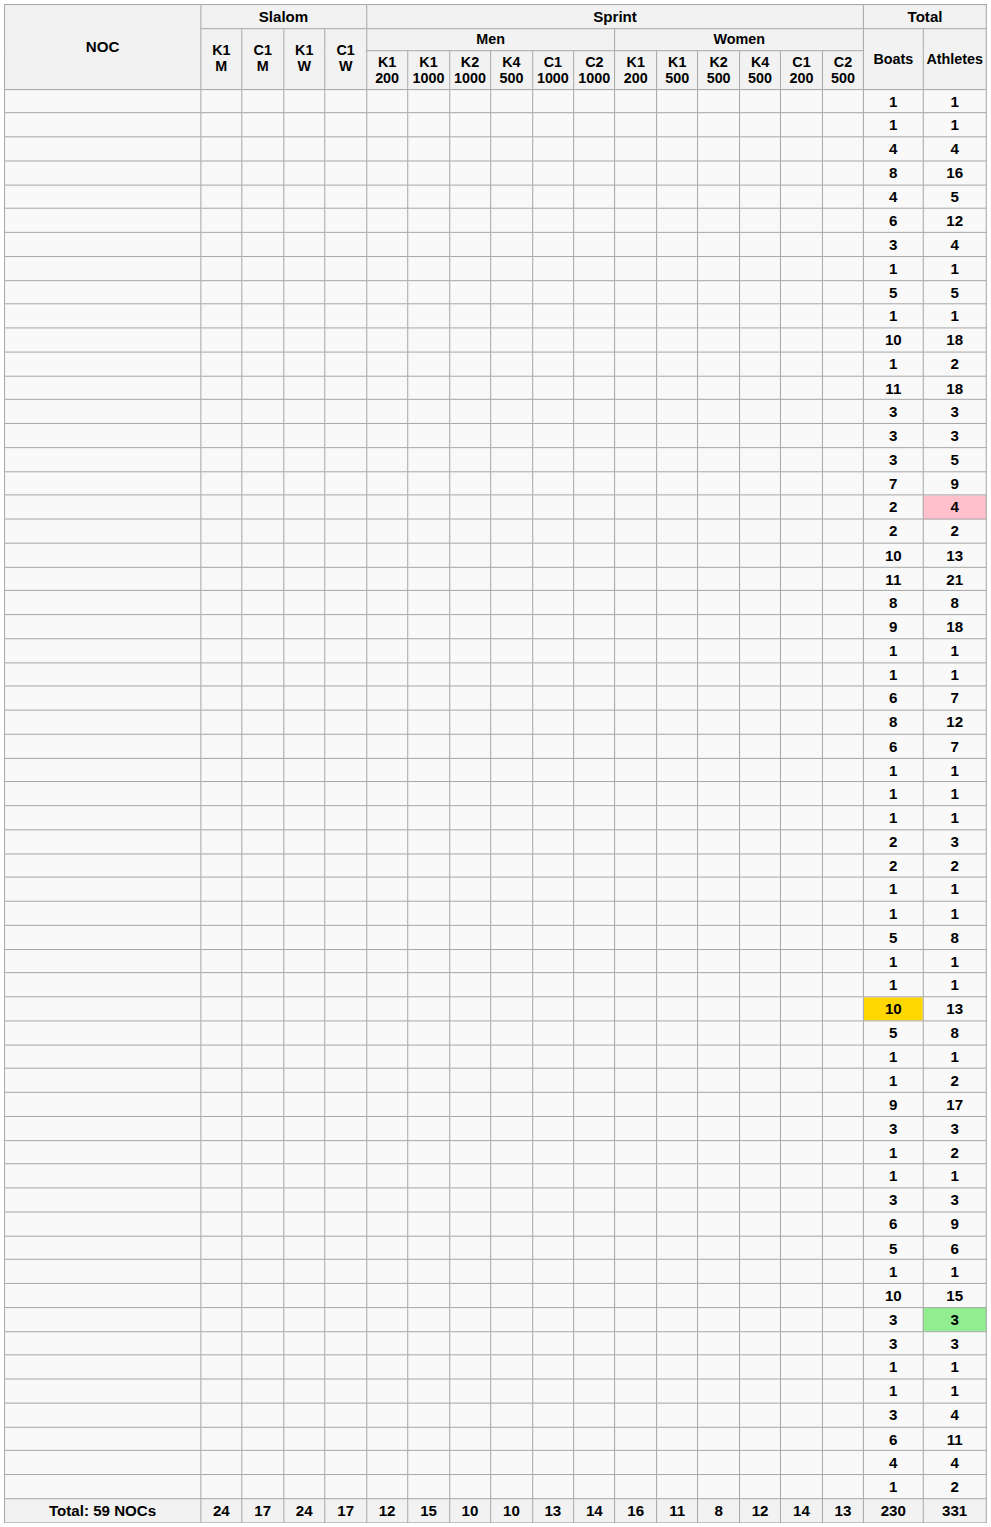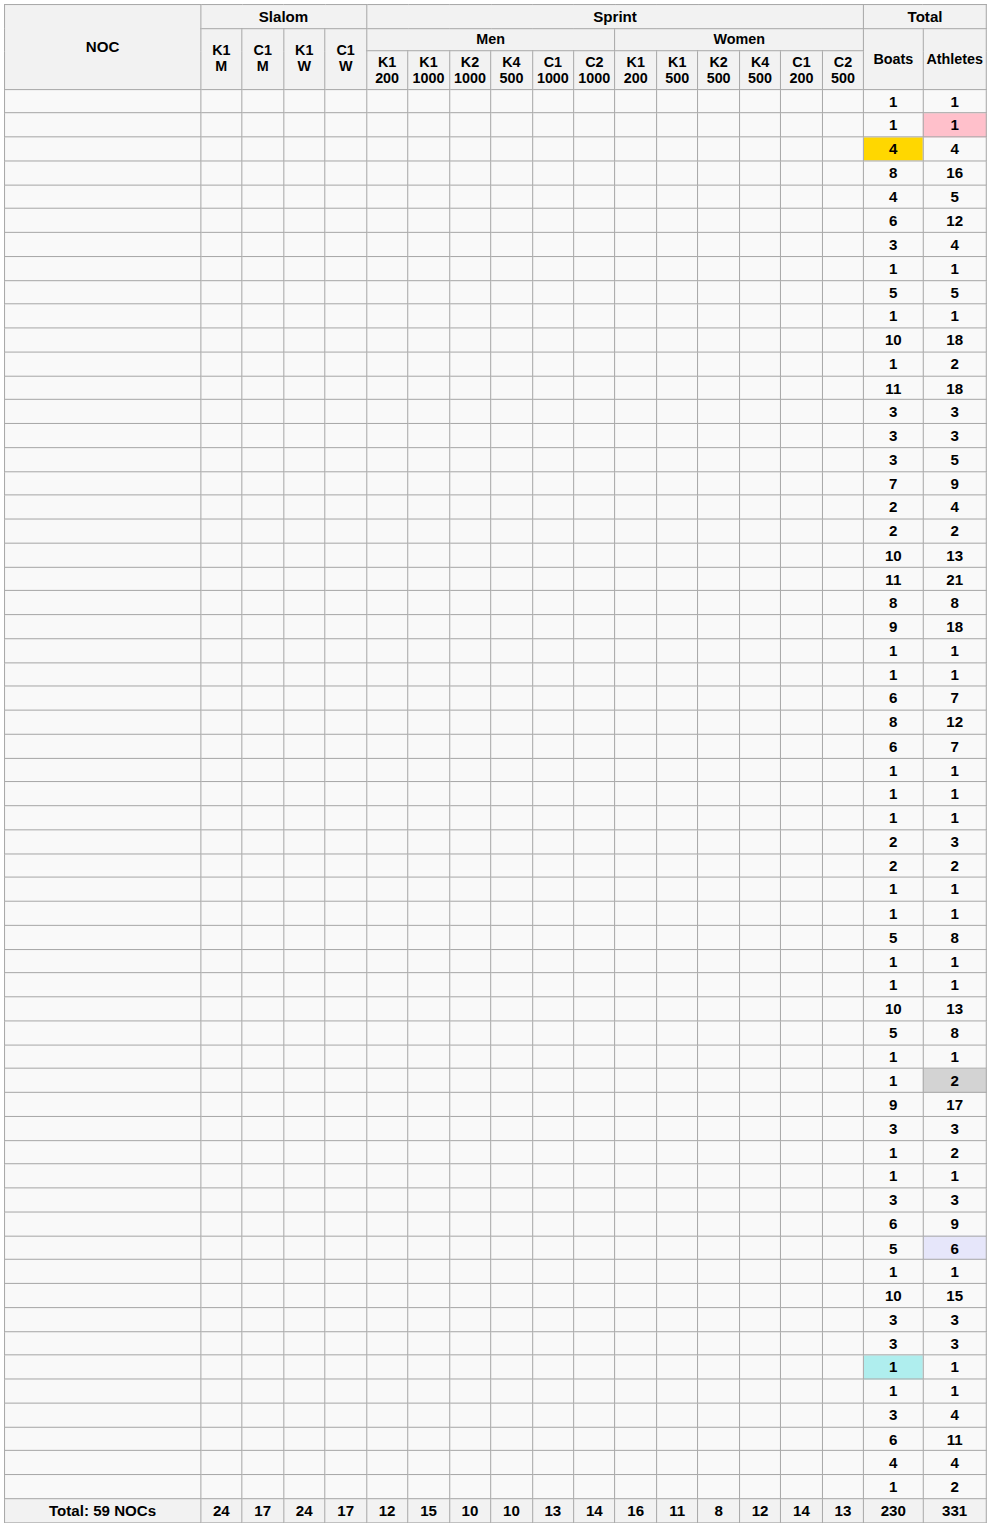 <table class="wikitable sortable" style="text-align:center; font-size:90%">
 <tr>
 <th rowspan="3" align="left" width=180>NOC</th>
 <th colspan="4">Slalom</th>
 <th colspan="12">Sprint</th>
 <th colspan="2">Total</th>
 </tr>
 <tr style="font-size: 95%">
 <th width=33 rowspan="2">K1<br>M</th>
 <th width=33 rowspan="2">C1<br>M</th>
 <th width=33 rowspan="2">K1<br>W</th>
 <th width=33 rowspan="2">C1<br>W</th>
 <th colspan=6>Men</th>
 <th colspan=6>Women</th>
 <th width=50 rowspan="2">Boats</th>
 <th width=50 rowspan="2">Athletes</th>
 </tr>
 <tr style="font-size: 95%">
 <th width=33>K1<br>200</th>
 <th width=33>K1<br>1000</th>
 <th width=33>K2<br>1000</th>
 <th width=33>K4<br>500</th>
 <th width=33>C1<br>1000</th>
 <th width=33>C2<br>1000</th>
 <th width=33>K1<br>200</th>
 <th width=33>K1<br>500</th>
 <th width=33>K2<br>500</th>
 <th width=33>K4<br>500</th>
 <th width=33>C1<br>200</th>
 <th width=33>C2<br>500</th>
 </tr>
 <tr>
 <td style="text-align:left;"></td>
 <td></td>
 <td></td>
 <td></td>
 <td></td>
 <td></td>
 <td></td>
 <td></td>
 <td></td>
 <td></td>
 <td></td>
 <td></td>
 <td></td>
 <td></td>
 <td></td>
 <td></td>
 <td></td>
 <td><strong>1</strong></td>
 <td><strong>1</strong></td>
 </tr>
 <tr>
 <td style="text-align:left;"></td>
 <td></td>
 <td></td>
 <td></td>
 <td></td>
 <td></td>
 <td></td>
 <td></td>
 <td></td>
 <td></td>
 <td></td>
 <td></td>
 <td></td>
 <td></td>
 <td></td>
 <td></td>
 <td></td>
 <td><strong>1</strong></td>
-<td><strong>1</strong></td>
+<td style="background: pink;"><strong>1</strong></td>
 </tr>
 <tr>
 <td style="text-align:left;"></td>
 <td></td>
 <td></td>
 <td></td>
 <td></td>
 <td></td>
 <td></td>
 <td></td>
 <td></td>
 <td></td>
 <td></td>
 <td></td>
 <td></td>
 <td></td>
 <td></td>
 <td></td>
 <td></td>
-<td><strong>4</strong></td>
+<td style="background: gold;"><strong>4</strong></td>
 <td><strong>4</strong></td>
 </tr>
 <tr>
 <td style="text-align:left;"></td>
 <td></td>
 <td></td>
 <td></td>
 <td></td>
 <td></td>
 <td></td>
 <td></td>
 <td></td>
 <td></td>
 <td></td>
 <td></td>
 <td></td>
 <td></td>
 <td></td>
 <td></td>
 <td></td>
 <td><strong>8</strong></td>
 <td><strong>16</strong></td>
 </tr>
 <tr>
 <td style="text-align:left;"></td>
 <td></td>
 <td></td>
 <td></td>
 <td></td>
 <td></td>
 <td></td>
 <td></td>
 <td></td>
 <td></td>
 <td></td>
 <td></td>
 <td></td>
 <td></td>
 <td></td>
 <td></td>
 <td></td>
 <td><strong>4</strong></td>
 <td><strong>5</strong></td>
 </tr>
 <tr>
 <td style="text-align:left;"></td>
 <td></td>
 <td></td>
 <td></td>
 <td></td>
 <td></td>
 <td></td>
 <td></td>
 <td></td>
 <td></td>
 <td></td>
 <td></td>
 <td></td>
 <td></td>
 <td></td>
 <td></td>
 <td></td>
 <td><strong>6</strong></td>
 <td><strong>12</strong></td>
 </tr>
 <tr>
 <td style="text-align:left;"></td>
 <td></td>
 <td></td>
 <td></td>
 <td></td>
 <td></td>
 <td></td>
 <td></td>
 <td></td>
 <td></td>
 <td></td>
 <td></td>
 <td></td>
 <td></td>
 <td></td>
 <td></td>
 <td></td>
 <td><strong>3</strong></td>
 <td><strong>4</strong></td>
 </tr>
 <tr>
 <td style="text-align:left;"></td>
 <td></td>
 <td></td>
 <td></td>
 <td></td>
 <td></td>
 <td></td>
 <td></td>
 <td></td>
 <td></td>
 <td></td>
 <td></td>
 <td></td>
 <td></td>
 <td></td>
 <td></td>
 <td></td>
 <td><strong>1</strong></td>
 <td><strong>1</strong></td>
 </tr>
 <tr>
 <td style="text-align:left;"></td>
 <td></td>
 <td></td>
 <td></td>
 <td></td>
 <td></td>
 <td></td>
 <td></td>
 <td></td>
 <td></td>
 <td></td>
 <td></td>
 <td></td>
 <td></td>
 <td></td>
 <td></td>
 <td></td>
 <td><strong>5</strong></td>
 <td><strong>5</strong></td>
 </tr>
 <tr>
 <td style="text-align:left;"></td>
 <td></td>
 <td></td>
 <td></td>
 <td></td>
 <td></td>
 <td></td>
 <td></td>
 <td></td>
 <td></td>
 <td></td>
 <td></td>
 <td></td>
 <td></td>
 <td></td>
 <td></td>
 <td></td>
 <td><strong>1</strong></td>
 <td><strong>1</strong></td>
 </tr>
 <tr>
 <td style="text-align:left;"></td>
 <td></td>
 <td></td>
 <td></td>
 <td></td>
 <td></td>
 <td></td>
 <td></td>
 <td></td>
 <td></td>
 <td></td>
 <td></td>
 <td></td>
 <td></td>
 <td></td>
 <td></td>
 <td></td>
 <td><strong>10</strong></td>
 <td><strong>18</strong></td>
 </tr>
 <tr>
 <td style="text-align:left;"></td>
 <td></td>
 <td></td>
 <td></td>
 <td></td>
 <td></td>
 <td></td>
 <td></td>
 <td></td>
 <td></td>
 <td></td>
 <td></td>
 <td></td>
 <td></td>
 <td></td>
 <td></td>
 <td></td>
 <td><strong>1</strong></td>
 <td><strong>2</strong></td>
 </tr>
 <tr>
 <td style="text-align:left;"></td>
 <td></td>
 <td></td>
 <td></td>
 <td></td>
 <td></td>
 <td></td>
 <td></td>
 <td></td>
 <td></td>
 <td></td>
 <td></td>
 <td></td>
 <td></td>
 <td></td>
 <td></td>
 <td></td>
 <td><strong>11</strong></td>
 <td><strong>18</strong></td>
 </tr>
 <tr>
 <td style="text-align:left;"></td>
 <td></td>
 <td></td>
 <td></td>
 <td></td>
 <td></td>
 <td></td>
 <td></td>
 <td></td>
 <td></td>
 <td></td>
 <td></td>
 <td></td>
 <td></td>
 <td></td>
 <td></td>
 <td></td>
 <td><strong>3</strong></td>
 <td><strong>3</strong></td>
 </tr>
 <tr>
 <td style="text-align:left;"></td>
 <td></td>
 <td></td>
 <td></td>
 <td></td>
 <td></td>
 <td></td>
 <td></td>
 <td></td>
 <td></td>
 <td></td>
 <td></td>
 <td></td>
 <td></td>
 <td></td>
 <td></td>
 <td></td>
 <td><strong>3</strong></td>
 <td><strong>3</strong></td>
 </tr>
 <tr>
 <td style="text-align:left;"></td>
 <td></td>
 <td></td>
 <td></td>
 <td></td>
 <td></td>
 <td></td>
 <td></td>
 <td></td>
 <td></td>
 <td></td>
 <td></td>
 <td></td>
 <td></td>
 <td></td>
 <td></td>
 <td></td>
 <td><strong>3</strong></td>
 <td><strong>5</strong></td>
 </tr>
 <tr>
 <td style="text-align:left;"></td>
 <td></td>
 <td></td>
 <td></td>
 <td></td>
 <td></td>
 <td></td>
 <td></td>
 <td></td>
 <td></td>
 <td></td>
 <td></td>
 <td></td>
 <td></td>
 <td></td>
 <td></td>
 <td></td>
 <td><strong>7</strong></td>
 <td><strong>9</strong></td>
 </tr>
 <tr>
 <td style="text-align:left;"></td>
 <td></td>
 <td></td>
 <td></td>
 <td></td>
 <td></td>
 <td></td>
 <td></td>
 <td></td>
 <td></td>
 <td></td>
 <td></td>
 <td></td>
 <td></td>
 <td></td>
 <td></td>
 <td></td>
 <td><strong>2</strong></td>
-<td style="background: pink;"><strong>4</strong></td>
+<td><strong>4</strong></td>
 </tr>
 <tr>
 <td style="text-align:left;"></td>
 <td></td>
 <td></td>
 <td></td>
 <td></td>
 <td></td>
 <td></td>
 <td></td>
 <td></td>
 <td></td>
 <td></td>
 <td></td>
 <td></td>
 <td></td>
 <td></td>
 <td></td>
 <td></td>
 <td><strong>2</strong></td>
 <td><strong>2</strong></td>
 </tr>
 <tr>
 <td style="text-align:left;"></td>
 <td></td>
 <td></td>
 <td></td>
 <td></td>
 <td></td>
 <td></td>
 <td></td>
 <td></td>
 <td></td>
 <td></td>
 <td></td>
 <td></td>
 <td></td>
 <td></td>
 <td></td>
 <td></td>
 <td><strong>10</strong></td>
 <td><strong>13</strong></td>
 </tr>
 <tr>
 <td style="text-align:left;"></td>
 <td></td>
 <td></td>
 <td></td>
 <td></td>
 <td></td>
 <td></td>
 <td></td>
 <td></td>
 <td></td>
 <td></td>
 <td></td>
 <td></td>
 <td></td>
 <td></td>
 <td></td>
 <td></td>
 <td><strong>11</strong></td>
 <td><strong>21</strong></td>
 </tr>
 <tr>
 <td style="text-align:left;"></td>
 <td></td>
 <td></td>
 <td></td>
 <td></td>
 <td></td>
 <td></td>
 <td></td>
 <td></td>
 <td></td>
 <td></td>
 <td></td>
 <td></td>
 <td></td>
 <td></td>
 <td></td>
 <td></td>
 <td><strong>8</strong></td>
 <td><strong>8</strong></td>
 </tr>
 <tr>
 <td style="text-align:left;"></td>
 <td></td>
 <td></td>
 <td></td>
 <td></td>
 <td></td>
 <td></td>
 <td></td>
 <td></td>
 <td></td>
 <td></td>
 <td></td>
 <td></td>
 <td></td>
 <td></td>
 <td></td>
 <td></td>
 <td><strong>9</strong></td>
 <td><strong>18</strong></td>
 </tr>
 <tr>
 <td style="text-align:left;"></td>
 <td></td>
 <td></td>
 <td></td>
 <td></td>
 <td></td>
 <td></td>
 <td></td>
 <td></td>
 <td></td>
 <td></td>
 <td></td>
 <td></td>
 <td></td>
 <td></td>
 <td></td>
 <td></td>
 <td><strong>1</strong></td>
 <td><strong>1</strong></td>
 </tr>
 <tr>
 <td style="text-align:left;"></td>
 <td></td>
 <td></td>
 <td></td>
 <td></td>
 <td></td>
 <td></td>
 <td></td>
 <td></td>
 <td></td>
 <td></td>
 <td></td>
 <td></td>
 <td></td>
 <td></td>
 <td></td>
 <td></td>
 <td><strong>1</strong></td>
 <td><strong>1</strong></td>
 </tr>
 <tr>
 <td style="text-align:left;"></td>
 <td></td>
 <td></td>
 <td></td>
 <td></td>
 <td></td>
 <td></td>
 <td></td>
 <td></td>
 <td></td>
 <td></td>
 <td></td>
 <td></td>
 <td></td>
 <td></td>
 <td></td>
 <td></td>
 <td><strong>6</strong></td>
 <td><strong>7</strong></td>
 </tr>
 <tr>
 <td style="text-align:left;"></td>
 <td></td>
 <td></td>
 <td></td>
 <td></td>
 <td></td>
 <td></td>
 <td></td>
 <td></td>
 <td></td>
 <td></td>
 <td></td>
 <td></td>
 <td></td>
 <td></td>
 <td></td>
 <td></td>
 <td><strong>8</strong></td>
 <td><strong>12</strong></td>
 </tr>
 <tr>
 <td style="text-align:left;"></td>
 <td></td>
 <td></td>
 <td></td>
 <td></td>
 <td></td>
 <td></td>
 <td></td>
 <td></td>
 <td></td>
 <td></td>
 <td></td>
 <td></td>
 <td></td>
 <td></td>
 <td></td>
 <td></td>
 <td><strong>6</strong></td>
 <td><strong>7</strong></td>
 </tr>
 <tr>
 <td style="text-align:left;"></td>
 <td></td>
 <td></td>
 <td></td>
 <td></td>
 <td></td>
 <td></td>
 <td></td>
 <td></td>
 <td></td>
 <td></td>
 <td></td>
 <td></td>
 <td></td>
 <td></td>
 <td></td>
 <td></td>
 <td><strong>1</strong></td>
 <td><strong>1</strong></td>
 </tr>
 <tr>
 <td style="text-align:left;"></td>
 <td></td>
 <td></td>
 <td></td>
 <td></td>
 <td></td>
 <td></td>
 <td></td>
 <td></td>
 <td></td>
 <td></td>
 <td></td>
 <td></td>
 <td></td>
 <td></td>
 <td></td>
 <td></td>
 <td><strong>1</strong></td>
 <td><strong>1</strong></td>
 </tr>
 <tr>
 <td style="text-align:left;"></td>
 <td></td>
 <td></td>
 <td></td>
 <td></td>
 <td></td>
 <td></td>
 <td></td>
 <td></td>
 <td></td>
 <td></td>
 <td></td>
 <td></td>
 <td></td>
 <td></td>
 <td></td>
 <td></td>
 <td><strong>1</strong></td>
 <td><strong>1</strong></td>
 </tr>
 <tr>
 <td style="text-align:left;"></td>
 <td></td>
 <td></td>
 <td></td>
 <td></td>
 <td></td>
 <td></td>
 <td></td>
 <td></td>
 <td></td>
 <td></td>
 <td></td>
 <td></td>
 <td></td>
 <td></td>
 <td></td>
 <td></td>
 <td><strong>2</strong></td>
 <td><strong>3</strong></td>
 </tr>
 <tr>
 <td style="text-align:left;"></td>
 <td></td>
 <td></td>
 <td></td>
 <td></td>
 <td></td>
 <td></td>
 <td></td>
 <td></td>
 <td></td>
 <td></td>
 <td></td>
 <td></td>
 <td></td>
 <td></td>
 <td></td>
 <td></td>
 <td><strong>2</strong></td>
 <td><strong>2</strong></td>
 </tr>
 <tr>
 <td style="text-align:left;"></td>
 <td></td>
 <td></td>
 <td></td>
 <td></td>
 <td></td>
 <td></td>
 <td></td>
 <td></td>
 <td></td>
 <td></td>
 <td></td>
 <td></td>
 <td></td>
 <td></td>
 <td></td>
 <td></td>
 <td><strong>1</strong></td>
 <td><strong>1</strong></td>
 </tr>
 <tr>
 <td style="text-align:left;"></td>
 <td></td>
 <td></td>
 <td></td>
 <td></td>
 <td></td>
 <td></td>
 <td></td>
 <td></td>
 <td></td>
 <td></td>
 <td></td>
 <td></td>
 <td></td>
 <td></td>
 <td></td>
 <td></td>
 <td><strong>1</strong></td>
 <td><strong>1</strong></td>
 </tr>
 <tr>
 <td style="text-align:left;"></td>
 <td></td>
 <td></td>
 <td></td>
 <td></td>
 <td></td>
 <td></td>
 <td></td>
 <td></td>
 <td></td>
 <td></td>
 <td></td>
 <td></td>
 <td></td>
 <td></td>
 <td></td>
 <td></td>
 <td><strong>5</strong></td>
 <td><strong>8</strong></td>
 </tr>
 <tr>
 <td style="text-align:left;"></td>
 <td></td>
 <td></td>
 <td></td>
 <td></td>
 <td></td>
 <td></td>
 <td></td>
 <td></td>
 <td></td>
 <td></td>
 <td></td>
 <td></td>
 <td></td>
 <td></td>
 <td></td>
 <td></td>
 <td><strong>1</strong></td>
 <td><strong>1</strong></td>
 </tr>
 <tr>
 <td style="text-align:left;"></td>
 <td></td>
 <td></td>
 <td></td>
 <td></td>
 <td></td>
 <td></td>
 <td></td>
 <td></td>
 <td></td>
 <td></td>
 <td></td>
 <td></td>
 <td></td>
 <td></td>
 <td></td>
 <td></td>
 <td><strong>1</strong></td>
 <td><strong>1</strong></td>
 </tr>
 <tr>
 <td style="text-align:left;"></td>
 <td></td>
 <td></td>
 <td></td>
 <td></td>
 <td></td>
 <td></td>
 <td></td>
 <td></td>
 <td></td>
 <td></td>
 <td></td>
 <td></td>
 <td></td>
 <td></td>
 <td></td>
 <td></td>
-<td style="background: gold;"><strong>10</strong></td>
+<td><strong>10</strong></td>
 <td><strong>13</strong></td>
 </tr>
 <tr>
 <td style="text-align:left;"></td>
 <td></td>
 <td></td>
 <td></td>
 <td></td>
 <td></td>
 <td></td>
 <td></td>
 <td></td>
 <td></td>
 <td></td>
 <td></td>
 <td></td>
 <td></td>
 <td></td>
 <td></td>
 <td></td>
 <td><strong>5</strong></td>
 <td><strong>8</strong></td>
 </tr>
 <tr>
 <td style="text-align:left;"></td>
 <td></td>
 <td></td>
 <td></td>
 <td></td>
 <td></td>
 <td></td>
 <td></td>
 <td></td>
 <td></td>
 <td></td>
 <td></td>
 <td></td>
 <td></td>
 <td></td>
 <td></td>
 <td></td>
 <td><strong>1</strong></td>
 <td><strong>1</strong></td>
 </tr>
 <tr>
 <td style="text-align:left;"></td>
 <td></td>
 <td></td>
 <td></td>
 <td></td>
 <td></td>
 <td></td>
 <td></td>
 <td></td>
 <td></td>
 <td></td>
 <td></td>
 <td></td>
 <td></td>
 <td></td>
 <td></td>
 <td></td>
 <td><strong>1</strong></td>
-<td><strong>2</strong></td>
+<td style="background: lightgrey;"><strong>2</strong></td>
 </tr>
 <tr>
 <td style="text-align:left;"></td>
 <td></td>
 <td></td>
 <td></td>
 <td></td>
 <td></td>
 <td></td>
 <td></td>
 <td></td>
 <td></td>
 <td></td>
 <td></td>
 <td></td>
 <td></td>
 <td></td>
 <td></td>
 <td></td>
 <td><strong>9</strong></td>
 <td><strong>17</strong></td>
 </tr>
 <tr>
 <td style="text-align:left;"></td>
 <td></td>
 <td></td>
 <td></td>
 <td></td>
 <td></td>
 <td></td>
 <td></td>
 <td></td>
 <td></td>
 <td></td>
 <td></td>
 <td></td>
 <td></td>
 <td></td>
 <td></td>
 <td></td>
 <td><strong>3</strong></td>
 <td><strong>3</strong></td>
 </tr>
 <tr>
 <td style="text-align:left;"></td>
 <td></td>
 <td></td>
 <td></td>
 <td></td>
 <td></td>
 <td></td>
 <td></td>
 <td></td>
 <td></td>
 <td></td>
 <td></td>
 <td></td>
 <td></td>
 <td></td>
 <td></td>
 <td></td>
 <td><strong>1</strong></td>
 <td><strong>2</strong></td>
 </tr>
 <tr>
 <td style="text-align:left;"></td>
 <td></td>
 <td></td>
 <td></td>
 <td></td>
 <td></td>
 <td></td>
 <td></td>
 <td></td>
 <td></td>
 <td></td>
 <td></td>
 <td></td>
 <td></td>
 <td></td>
 <td></td>
 <td></td>
 <td><strong>1</strong></td>
 <td><strong>1</strong></td>
 </tr>
 <tr>
 <td style="text-align:left;"></td>
 <td></td>
 <td></td>
 <td></td>
 <td></td>
 <td></td>
 <td></td>
 <td></td>
 <td></td>
 <td></td>
 <td></td>
 <td></td>
 <td></td>
 <td></td>
 <td></td>
 <td></td>
 <td></td>
 <td><strong>3</strong></td>
 <td><strong>3</strong></td>
 </tr>
 <tr>
 <td style="text-align:left;"></td>
 <td></td>
 <td></td>
 <td></td>
 <td></td>
 <td></td>
 <td></td>
 <td></td>
 <td></td>
 <td></td>
 <td></td>
 <td></td>
 <td></td>
 <td></td>
 <td></td>
 <td></td>
 <td></td>
 <td><strong>6</strong></td>
 <td><strong>9</strong></td>
 </tr>
 <tr>
 <td style="text-align:left;"></td>
 <td></td>
 <td></td>
 <td></td>
 <td></td>
 <td></td>
 <td></td>
 <td></td>
 <td></td>
 <td></td>
 <td></td>
 <td></td>
 <td></td>
 <td></td>
 <td></td>
 <td></td>
 <td></td>
 <td><strong>5</strong></td>
-<td><strong>6</strong></td>
+<td style="background: lavender;"><strong>6</strong></td>
 </tr>
 <tr>
 <td style="text-align:left;"></td>
 <td></td>
 <td></td>
 <td></td>
 <td></td>
 <td></td>
 <td></td>
 <td></td>
 <td></td>
 <td></td>
 <td></td>
 <td></td>
 <td></td>
 <td></td>
 <td></td>
 <td></td>
 <td></td>
 <td><strong>1</strong></td>
 <td><strong>1</strong></td>
 </tr>
 <tr>
 <td style="text-align:left;"></td>
 <td></td>
 <td></td>
 <td></td>
 <td></td>
 <td></td>
 <td></td>
 <td></td>
 <td></td>
 <td></td>
 <td></td>
 <td></td>
 <td></td>
 <td></td>
 <td></td>
 <td></td>
 <td></td>
 <td><strong>10</strong></td>
 <td><strong>15</strong></td>
 </tr>
 <tr>
 <td style="text-align:left;"></td>
 <td></td>
 <td></td>
 <td></td>
 <td></td>
 <td></td>
 <td></td>
 <td></td>
 <td></td>
 <td></td>
 <td></td>
 <td></td>
 <td></td>
 <td></td>
 <td></td>
 <td></td>
 <td></td>
 <td><strong>3</strong></td>
-<td style="background: lightgreen;"><strong>3</strong></td>
+<td><strong>3</strong></td>
 </tr>
 <tr>
 <td style="text-align:left;"></td>
 <td></td>
 <td></td>
 <td></td>
 <td></td>
 <td></td>
 <td></td>
 <td></td>
 <td></td>
 <td></td>
 <td></td>
 <td></td>
 <td></td>
 <td></td>
 <td></td>
 <td></td>
 <td></td>
 <td><strong>3</strong></td>
 <td><strong>3</strong></td>
 </tr>
 <tr>
 <td style="text-align:left;"></td>
 <td></td>
 <td></td>
 <td></td>
 <td></td>
 <td></td>
 <td></td>
 <td></td>
 <td></td>
 <td></td>
 <td></td>
 <td></td>
 <td></td>
 <td></td>
 <td></td>
 <td></td>
 <td></td>
-<td><strong>1</strong></td>
+<td style="background: paleturquoise;"><strong>1</strong></td>
 <td><strong>1</strong></td>
 </tr>
 <tr>
 <td style="text-align:left;"></td>
 <td></td>
 <td></td>
 <td></td>
 <td></td>
 <td></td>
 <td></td>
 <td></td>
 <td></td>
 <td></td>
 <td></td>
 <td></td>
 <td></td>
 <td></td>
 <td></td>
 <td></td>
 <td></td>
 <td><strong>1</strong></td>
 <td><strong>1</strong></td>
 </tr>
 <tr>
 <td style="text-align:left;"></td>
 <td></td>
 <td></td>
 <td></td>
 <td></td>
 <td></td>
 <td></td>
 <td></td>
 <td></td>
 <td></td>
 <td></td>
 <td></td>
 <td></td>
 <td></td>
 <td></td>
 <td></td>
 <td></td>
 <td><strong>3</strong></td>
 <td><strong>4</strong></td>
 </tr>
 <tr>
 <td style="text-align:left;"></td>
 <td></td>
 <td></td>
 <td></td>
 <td></td>
 <td></td>
 <td></td>
 <td></td>
 <td></td>
 <td></td>
 <td></td>
 <td></td>
 <td></td>
 <td></td>
 <td></td>
 <td></td>
 <td></td>
 <td><strong>6</strong></td>
 <td><strong>11</strong></td>
 </tr>
 <tr>
 <td style="text-align:left;"></td>
 <td></td>
 <td></td>
 <td></td>
 <td></td>
 <td></td>
 <td></td>
 <td></td>
 <td></td>
 <td></td>
 <td></td>
 <td></td>
 <td></td>
 <td></td>
 <td></td>
 <td></td>
 <td></td>
 <td><strong>4</strong></td>
 <td><strong>4</strong></td>
 </tr>
 <tr>
 <td style="text-align:left;"></td>
 <td></td>
 <td></td>
 <td></td>
 <td></td>
 <td></td>
 <td></td>
 <td></td>
 <td></td>
 <td></td>
 <td></td>
 <td></td>
 <td></td>
 <td></td>
 <td></td>
 <td></td>
 <td></td>
 <td><strong>1</strong></td>
 <td><strong>2</strong></td>
 </tr>
 <tr>
 <th>Total: 59 NOCs</th>
 <th>24</th>
 <th>17</th>
 <th>24</th>
 <th>17</th>
 <th>12</th>
 <th>15</th>
 <th>10</th>
 <th>10</th>
 <th>13</th>
 <th>14</th>
 <th>16</th>
 <th>11</th>
 <th>8</th>
 <th>12</th>
 <th>14</th>
 <th>13</th>
 <th>230</th>
 <th>331</th>
 </tr>
 </table>
